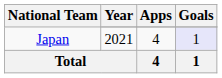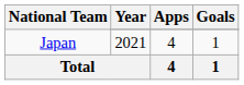 <table class="wikitable" style="text-align:center">
 <tr>
 <th>National Team</th>
 <th>Year</th>
 <th>Apps</th>
 <th>Goals</th>
 </tr>
 <tr>
 <td rowspan="2"><a href='#'>Japan</a></td>
 </tr>
 <tr>
 <td>2021</td>
 <td>4</td>
-<td style="background: lavender;">1</td>
+<td>1</td>
 </tr>
 <tr>
 <th colspan="2">Total</th>
 <th>4</th>
 <th>1</th>
 </tr>
 </table>
